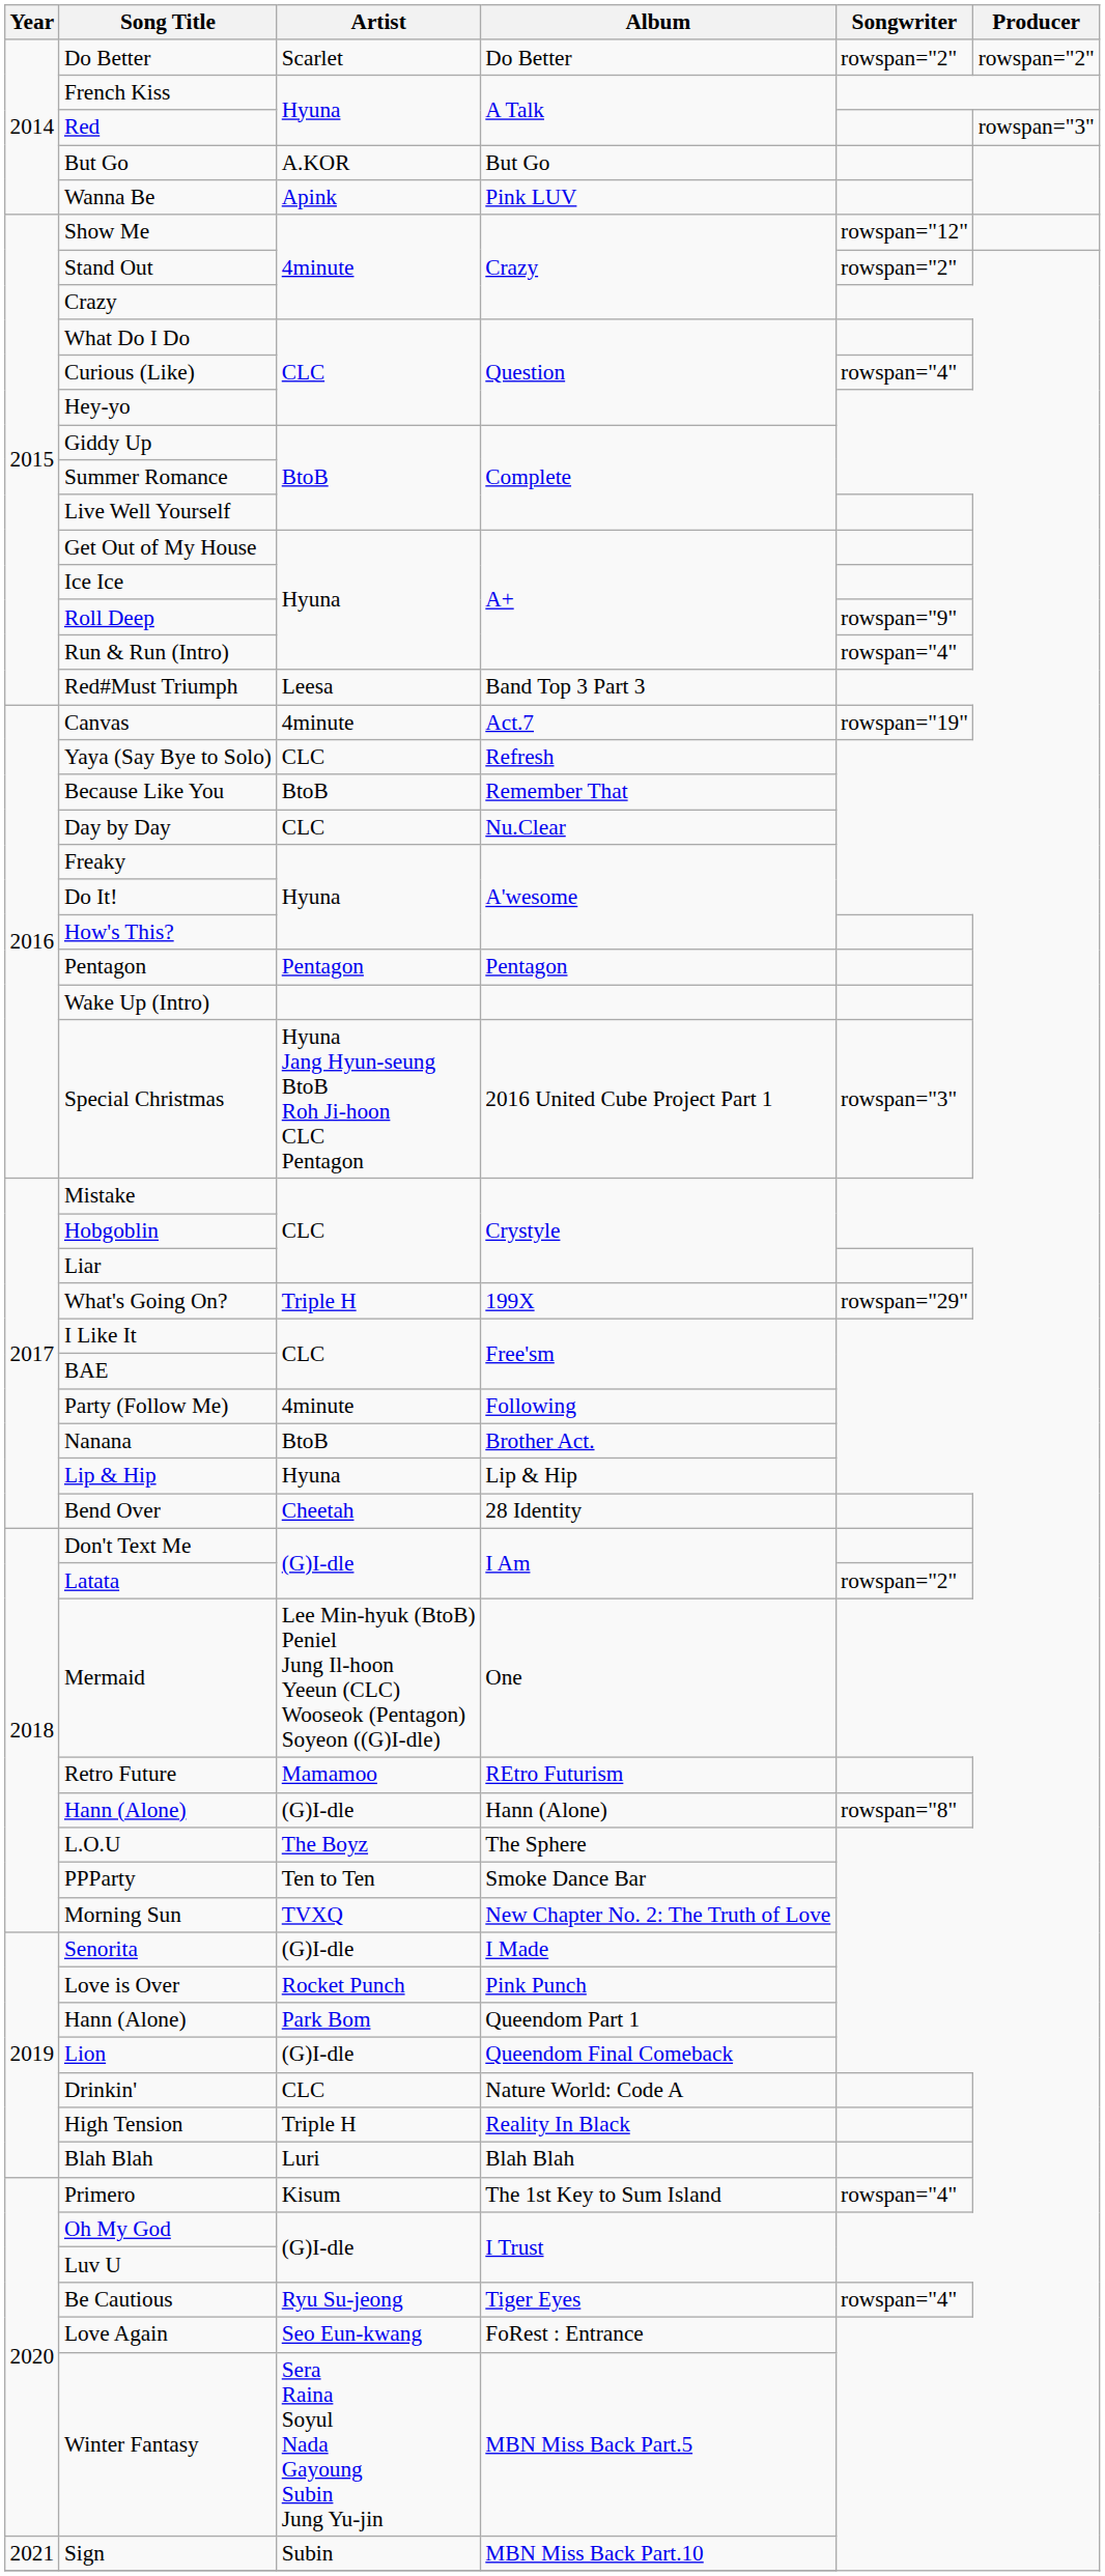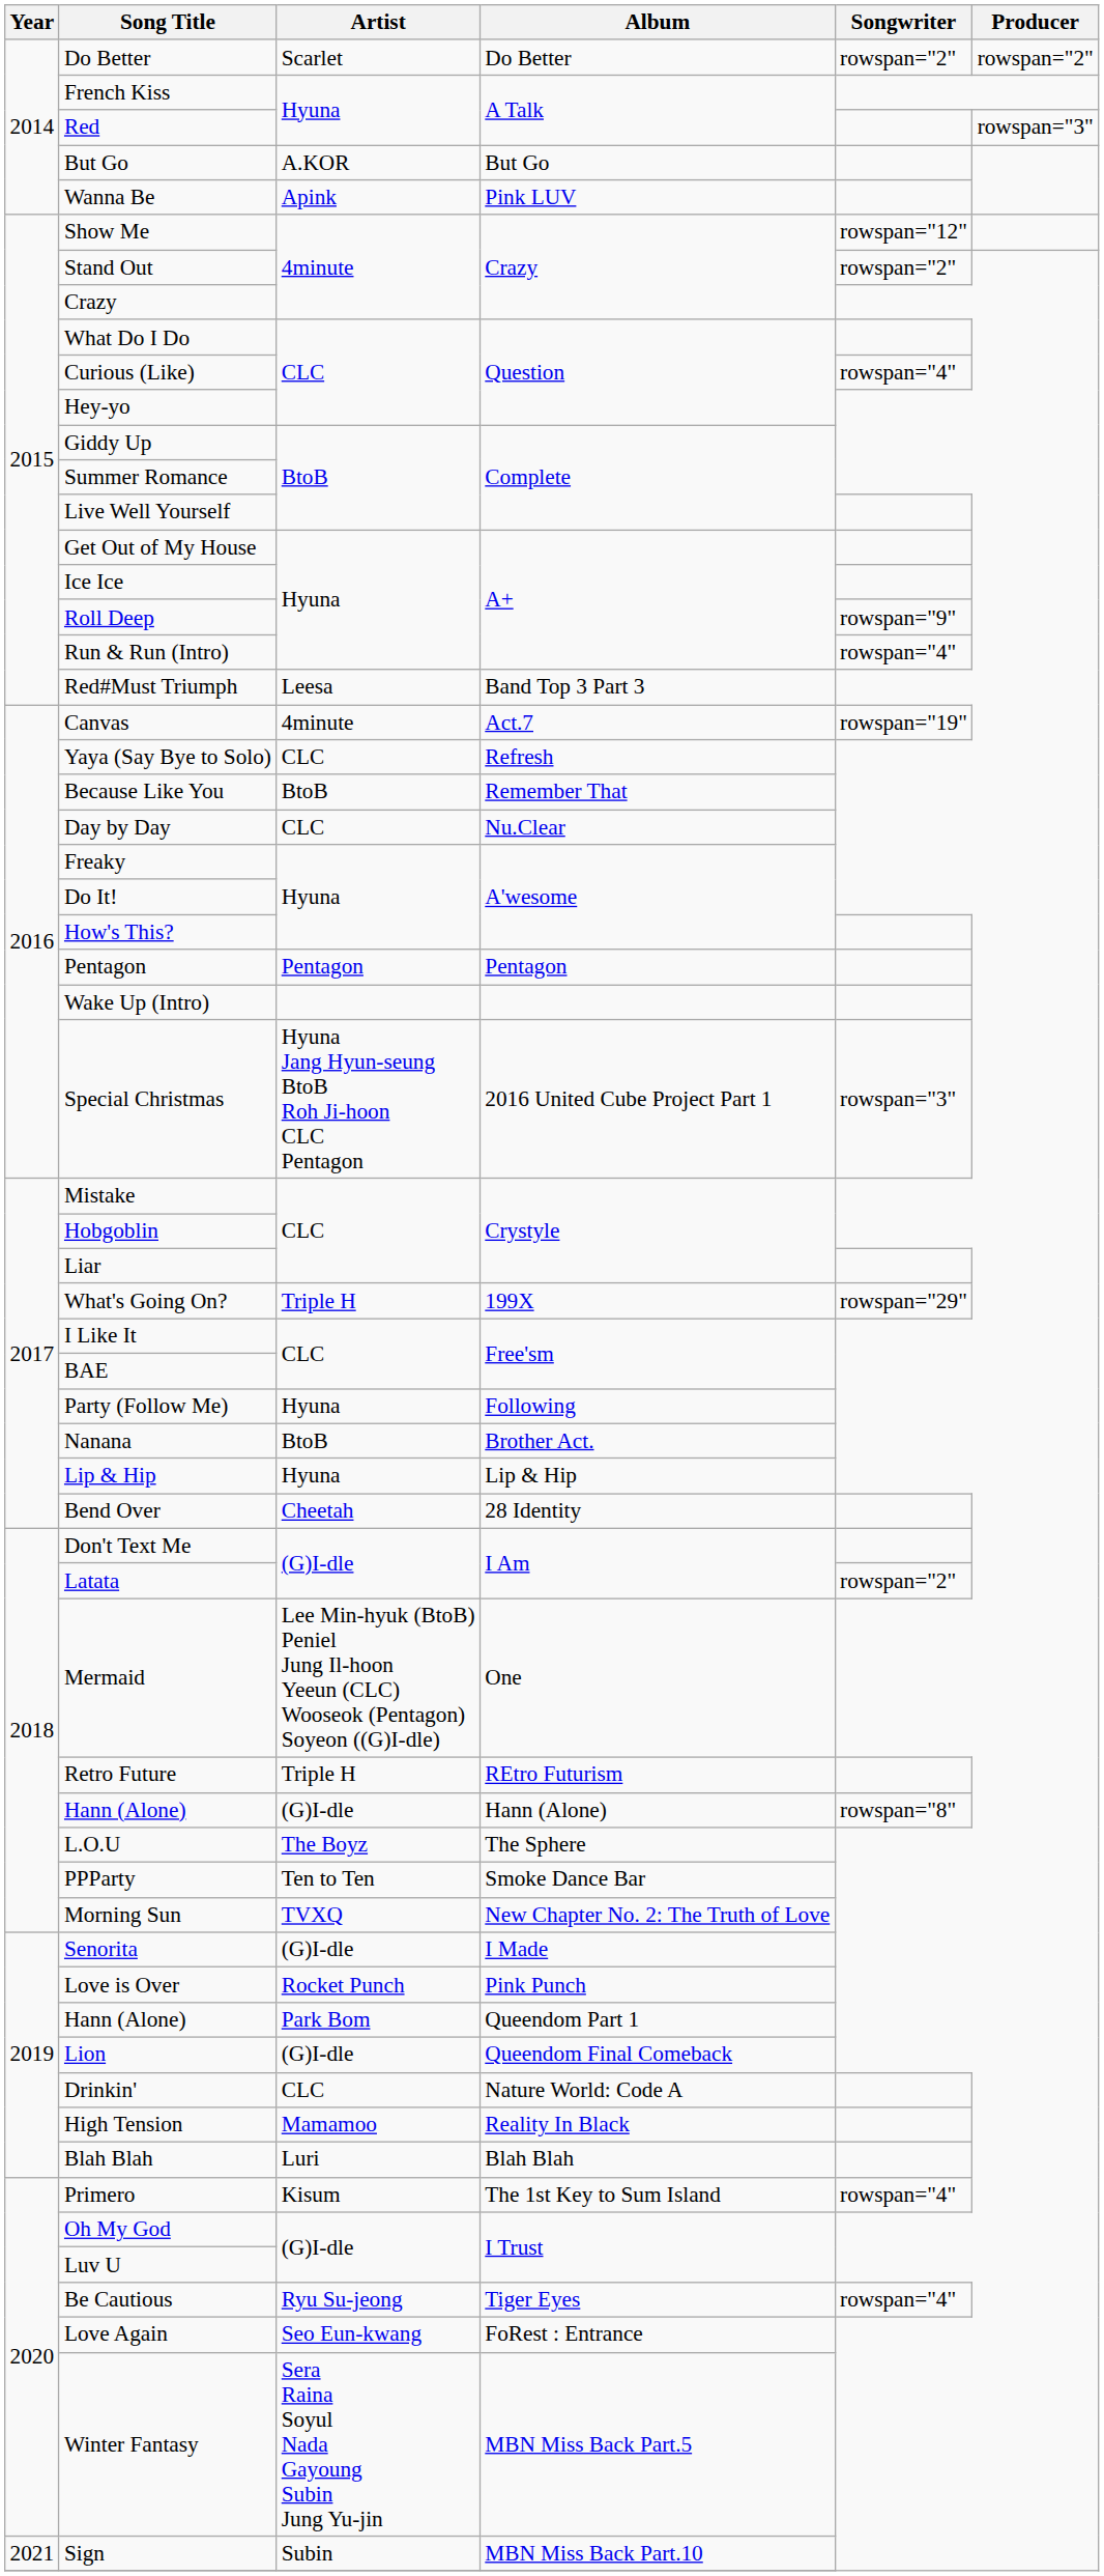 <table class="wikitable">
 <tr>
 <th>Year</th>
 <th>Song Title</th>
 <th>Artist</th>
 <th>Album</th>
 <th>Songwriter</th>
 <th>Producer</th>
 </tr>
 <tr>
 <td rowspan="5">2014</td>
 <td>Do Better</td>
 <td>Scarlet</td>
 <td>Do Better</td>
 <td>rowspan="2" </td>
 <td>rowspan="2" </td>
 </tr>
 <tr>
 <td>French Kiss</td>
 <td rowspan="2"><a href='#'>Hyuna</a></td>
 <td rowspan="2"><a href='#'>A Talk</a></td>
 </tr>
 <tr>
 <td><a href='#'>Red</a></td>
 <td></td>
 <td>rowspan="3" </td>
 </tr>
 <tr>
 <td>But Go</td>
 <td>A.KOR</td>
 <td>But Go</td>
 <td></td>
 </tr>
 <tr>
 <td>Wanna Be</td>
 <td><a href='#'>Apink</a></td>
 <td><a href='#'>Pink LUV</a></td>
 <td></td>
 </tr>
 <tr>
 <td rowspan="14">2015</td>
 <td>Show Me</td>
 <td rowspan="3"><a href='#'>4minute</a></td>
 <td rowspan="3"><a href='#'>Crazy</a></td>
 <td>rowspan="12" </td>
 <td></td>
 </tr>
 <tr>
 <td>Stand Out</td>
 <td>rowspan="2" </td>
 </tr>
 <tr>
 <td>Crazy</td>
 </tr>
 <tr>
 <td>What Do I Do</td>
 <td rowspan="3"><a href='#'>CLC</a></td>
 <td rowspan="3"><a href='#'>Question</a></td>
 <td></td>
 </tr>
 <tr>
 <td>Curious (Like)</td>
 <td>rowspan="4" </td>
 </tr>
 <tr>
 <td>Hey-yo</td>
 </tr>
 <tr>
 <td>Giddy Up</td>
 <td rowspan="3"><a href='#'>BtoB</a></td>
 <td rowspan="3"><a href='#'>Complete</a></td>
 </tr>
 <tr>
 <td>Summer Romance</td>
 </tr>
 <tr>
 <td>Live Well Yourself</td>
 <td></td>
 </tr>
 <tr>
 <td>Get Out of My House</td>
 <td rowspan="4">Hyuna</td>
 <td rowspan="4"><a href='#'>A+</a></td>
 <td></td>
 </tr>
 <tr>
 <td>Ice Ice</td>
 <td></td>
 </tr>
 <tr>
 <td><a href='#'>Roll Deep</a></td>
 <td>rowspan="9" </td>
 </tr>
 <tr>
 <td>Run & Run (Intro)</td>
 <td>rowspan="4" </td>
 </tr>
 <tr>
 <td>Red#Must Triumph</td>
 <td>Leesa</td>
 <td>Band Top 3 Part 3</td>
 </tr>
 <tr>
 <td rowspan="10">2016</td>
 <td>Canvas</td>
 <td>4minute</td>
 <td><a href='#'>Act.7</a></td>
 <td>rowspan="19" </td>
 </tr>
 <tr>
 <td>Yaya (Say Bye to Solo)</td>
 <td>CLC</td>
 <td><a href='#'>Refresh</a></td>
 </tr>
 <tr>
 <td>Because Like You</td>
 <td>BtoB</td>
 <td><a href='#'>Remember That</a></td>
 </tr>
 <tr>
 <td>Day by Day</td>
 <td>CLC</td>
 <td><a href='#'>Nu.Clear</a></td>
 </tr>
 <tr>
 <td>Freaky</td>
 <td rowspan="3">Hyuna</td>
 <td rowspan="3"><a href='#'>A'wesome</a></td>
 </tr>
 <tr>
 <td>Do It!</td>
 </tr>
 <tr>
 <td><a href='#'>How's This?</a></td>
 <td></td>
 </tr>
 <tr>
 <td>Pentagon</td>
 <td><a href='#'>Pentagon</a></td>
 <td><a href='#'>Pentagon</a></td>
 <td></td>
 </tr>
 <tr>
 <td>Wake Up (Intro)</td>
 <td></td>
 <td></td>
 <td></td>
 </tr>
 <tr>
 <td>Special Christmas</td>
 <td>Hyuna<br><a href='#'>Jang Hyun-seung</a><br>BtoB<br><a href='#'>Roh Ji-hoon</a><br>CLC<br>Pentagon</td>
 <td>2016 United Cube Project Part 1</td>
 <td>rowspan="3" </td>
 </tr>
 <tr>
 <td rowspan="10">2017</td>
 <td>Mistake</td>
 <td rowspan="3">CLC</td>
 <td rowspan="3"><a href='#'>Crystyle</a></td>
 </tr>
 <tr>
 <td><a href='#'>Hobgoblin</a></td>
 </tr>
 <tr>
 <td>Liar</td>
 <td></td>
 </tr>
 <tr>
 <td>What's Going On?</td>
 <td><a href='#'>Triple H</a></td>
 <td><a href='#'>199X</a></td>
 <td>rowspan="29" </td>
 </tr>
 <tr>
 <td>I Like It</td>
 <td rowspan="2">CLC</td>
 <td rowspan="2"><a href='#'>Free'sm</a></td>
 </tr>
 <tr>
 <td>BAE</td>
 </tr>
 <tr>
 <td>Party (Follow Me)</td>
-<td>4minute</td>
+<td>Hyuna</td>
 <td><a href='#'>Following</a></td>
 </tr>
 <tr>
 <td>Nanana</td>
 <td>BtoB</td>
 <td><a href='#'>Brother Act.</a></td>
 </tr>
 <tr>
 <td><a href='#'>Lip & Hip</a></td>
 <td>Hyuna</td>
 <td>Lip & Hip</td>
 </tr>
 <tr>
 <td>Bend Over</td>
 <td><a href='#'>Cheetah</a></td>
 <td>28 Identity</td>
 <td></td>
 </tr>
 <tr>
 <td rowspan="8">2018</td>
 <td>Don't Text Me</td>
 <td rowspan="2"><a href='#'>(G)I-dle</a></td>
 <td rowspan="2"><a href='#'>I Am</a></td>
 <td></td>
 </tr>
 <tr>
 <td><a href='#'>Latata</a></td>
 <td>rowspan="2" </td>
 </tr>
 <tr>
 <td>Mermaid</td>
 <td>Lee Min-hyuk (BtoB)<br>Peniel<br>Jung Il-hoon<br>Yeeun (CLC)<br>Wooseok (Pentagon)<br>Soyeon ((G)I-dle)</td>
 <td>One</td>
 </tr>
 <tr>
 <td>Retro Future</td>
-<td><a href='#'>Mamamoo</a></td>
+<td>Triple H</td>
 <td><a href='#'>REtro Futurism</a></td>
 <td></td>
 </tr>
 <tr>
 <td><a href='#'>Hann (Alone)</a></td>
 <td>(G)I-dle</td>
 <td>Hann (Alone)</td>
 <td>rowspan="8" </td>
 </tr>
 <tr>
 <td>L.O.U</td>
 <td><a href='#'>The Boyz</a></td>
 <td>The Sphere</td>
 </tr>
 <tr>
 <td>PPParty</td>
 <td>Ten to Ten</td>
 <td>Smoke Dance Bar</td>
 </tr>
 <tr>
 <td>Morning Sun</td>
 <td><a href='#'>TVXQ</a></td>
 <td><a href='#'>New Chapter No. 2: The Truth of Love</a></td>
 </tr>
 <tr>
 <td rowspan="7">2019</td>
 <td><a href='#'>Senorita</a></td>
 <td>(G)I-dle</td>
 <td><a href='#'>I Made</a></td>
 </tr>
 <tr>
 <td>Love is Over</td>
 <td><a href='#'>Rocket Punch</a></td>
 <td><a href='#'>Pink Punch</a></td>
 </tr>
 <tr>
 <td>Hann (Alone)</td>
 <td><a href='#'>Park Bom</a></td>
 <td>Queendom Part 1</td>
 </tr>
 <tr>
 <td><a href='#'>Lion</a></td>
 <td>(G)I-dle</td>
 <td><a href='#'>Queendom Final Comeback</a></td>
 </tr>
 <tr>
 <td>Drinkin'</td>
 <td>CLC</td>
 <td>Nature World: Code A</td>
 <td></td>
 </tr>
 <tr>
 <td>High Tension</td>
-<td>Triple H</td>
+<td><a href='#'>Mamamoo</a></td>
 <td><a href='#'>Reality In Black</a></td>
 <td></td>
 </tr>
 <tr>
 <td>Blah Blah</td>
 <td>Luri</td>
 <td>Blah Blah</td>
 <td></td>
 </tr>
 <tr>
 <td rowspan="6">2020</td>
 <td>Primero</td>
 <td>Kisum</td>
 <td>The 1st Key to Sum Island</td>
 <td>rowspan="4" </td>
 </tr>
 <tr>
 <td><a href='#'>Oh My God</a></td>
 <td rowspan="2">(G)I-dle</td>
 <td rowspan="2"><a href='#'>I Trust</a></td>
 </tr>
 <tr>
 <td>Luv U</td>
 </tr>
 <tr>
 <td>Be Cautious</td>
 <td><a href='#'>Ryu Su-jeong</a></td>
 <td><a href='#'>Tiger Eyes</a></td>
 <td>rowspan="4" </td>
 </tr>
 <tr>
 <td>Love Again</td>
 <td><a href='#'>Seo Eun-kwang</a></td>
 <td>FoRest : Entrance</td>
 </tr>
 <tr>
 <td>Winter Fantasy</td>
 <td><a href='#'>Sera</a><br><a href='#'>Raina</a><br>Soyul<br><a href='#'>Nada</a><br><a href='#'>Gayoung</a><br><a href='#'>Subin</a><br>Jung Yu-jin</td>
 <td><a href='#'>MBN Miss Back Part.5</a></td>
 </tr>
 <tr>
 <td rowspan="1">2021</td>
 <td>Sign</td>
 <td>Subin</td>
 <td><a href='#'>MBN Miss Back Part.10</a></td>
 </tr>
 <tr>
 </tr>
 </table>
